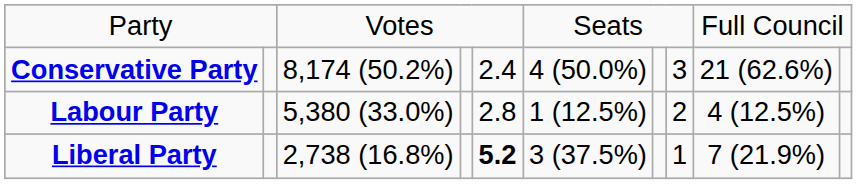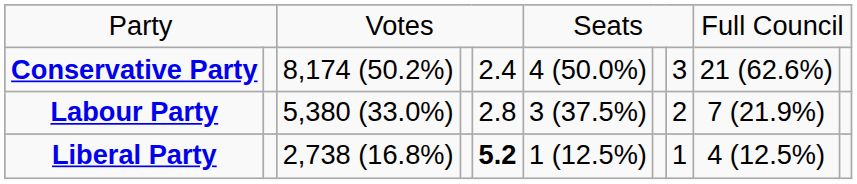 <table class=wikitable style="text-align:center;">
 <tr>
 <td colspan=2>Party</td>
 <td colspan=3>Votes</td>
 <td colspan=3>Seats</td>
 <td colspan=3>Full Council</td>
 </tr>
 <tr>
 <td><strong><a href='#'>Conservative Party</a></strong></td>
 <td style="background:"></td>
 <td>8,174 (50.2%)</td>
 <td></td>
 <td> 2.4</td>
 <td>4 (50.0%)</td>
 <td></td>
 <td> 3</td>
 <td>21 (62.6%)</td>
 <td></td>
 </tr>
 <tr>
 <td><strong><a href='#'>Labour Party</a></strong></td>
 <td style="background:"></td>
 <td>5,380 (33.0%)</td>
 <td></td>
 <td> 2.8</td>
-<td>1 (12.5%)</td>
+<td>3 (37.5%)</td>
 <td></td>
 <td> 2</td>
-<td>4 (12.5%)</td>
+<td>7 (21.9%)</td>
 <td></td>
 </tr>
 <tr>
 <td><strong><a href='#'>Liberal Party</a></strong></td>
 <td style="background:"></td>
 <td>2,738 (16.8%)</td>
 <td></td>
 <td><strong> 5.2</strong></td>
-<td>3 (37.5%)</td>
+<td>1 (12.5%)</td>
 <td></td>
 <td> 1</td>
-<td>7 (21.9%)</td>
+<td>4 (12.5%)</td>
 <td></td>
 </tr>
 </table>
